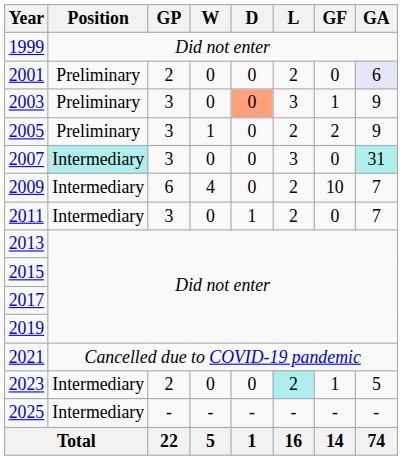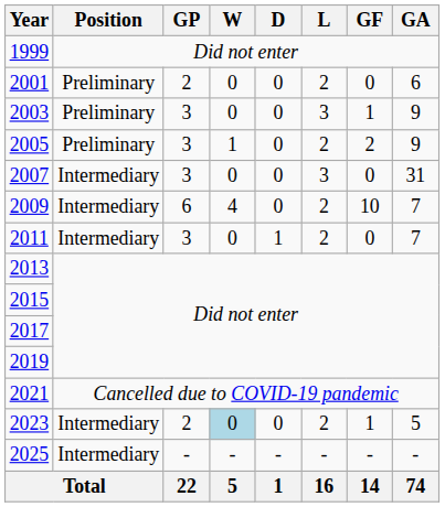 <table class="wikitable" style="text-align: center;">
 <tr>
 <th>Year</th>
 <th>Position</th>
 <th width=30>GP</th>
 <th width=30>W</th>
 <th width=30>D</th>
 <th width=30>L</th>
 <th width=30>GF</th>
 <th width=30>GA</th>
 </tr>
 <tr>
 <td> <a href='#'>1999</a></td>
 <td colspan=7><em>Did not enter</em></td>
 </tr>
 <tr>
 <td> <a href='#'>2001</a></td>
 <td>Preliminary</td>
 <td>2</td>
 <td>0</td>
 <td>0</td>
 <td>2</td>
 <td>0</td>
-<td style="background: lavender;">6</td>
+<td>6</td>
 </tr>
 <tr>
 <td> <a href='#'>2003</a></td>
 <td>Preliminary</td>
 <td>3</td>
 <td>0</td>
-<td style="background: lightsalmon;">0</td>
+<td>0</td>
 <td>3</td>
 <td>1</td>
 <td>9</td>
 </tr>
 <tr>
 <td> <a href='#'>2005</a></td>
 <td>Preliminary</td>
 <td>3</td>
 <td>1</td>
 <td>0</td>
 <td>2</td>
 <td>2</td>
 <td>9</td>
 </tr>
 <tr>
 <td> <a href='#'>2007</a></td>
-<td style="background: paleturquoise;">Intermediary</td>
+<td>Intermediary</td>
 <td>3</td>
 <td>0</td>
 <td>0</td>
 <td>3</td>
 <td>0</td>
-<td style="background: paleturquoise;">31</td>
+<td>31</td>
 </tr>
 <tr>
 <td> <a href='#'>2009</a></td>
 <td>Intermediary</td>
 <td>6</td>
 <td>4</td>
 <td>0</td>
 <td>2</td>
 <td>10</td>
 <td>7</td>
 </tr>
 <tr>
 <td> <a href='#'>2011</a></td>
 <td>Intermediary</td>
 <td>3</td>
 <td>0</td>
 <td>1</td>
 <td>2</td>
 <td>0</td>
 <td>7</td>
 </tr>
 <tr>
 <td> <a href='#'>2013</a></td>
 <td rowspan=4 colspan=7><em>Did not enter</em></td>
 </tr>
 <tr>
 <td> <a href='#'>2015</a></td>
 </tr>
 <tr>
 <td> <a href='#'>2017</a></td>
 </tr>
 <tr>
 <td> <a href='#'>2019</a></td>
 </tr>
 <tr>
 <td><a href='#'>2021</a></td>
 <td colspan=7><em>Cancelled due to <a href='#'>COVID-19 pandemic</a></em></td>
 </tr>
 <tr>
 <td> <a href='#'>2023</a></td>
 <td>Intermediary</td>
 <td>2</td>
+<td style="background: lightblue;">0</td>
 <td>0</td>
-<td>0</td>
-<td style="background: paleturquoise;">2</td>
+<td>2</td>
 <td>1</td>
 <td>5</td>
 </tr>
 <tr>
 <td> <a href='#'>2025</a></td>
 <td>Intermediary</td>
 <td>-</td>
 <td>-</td>
 <td>-</td>
 <td>-</td>
 <td>-</td>
 <td>-</td>
 </tr>
 <tr>
 <th colspan=2><strong>Total</strong></th>
 <th><strong>22</strong></th>
 <th><strong>5</strong></th>
 <th><strong>1</strong></th>
 <th><strong>16</strong></th>
 <th><strong>14</strong></th>
 <th><strong>74</strong></th>
 </tr>
 </table>
